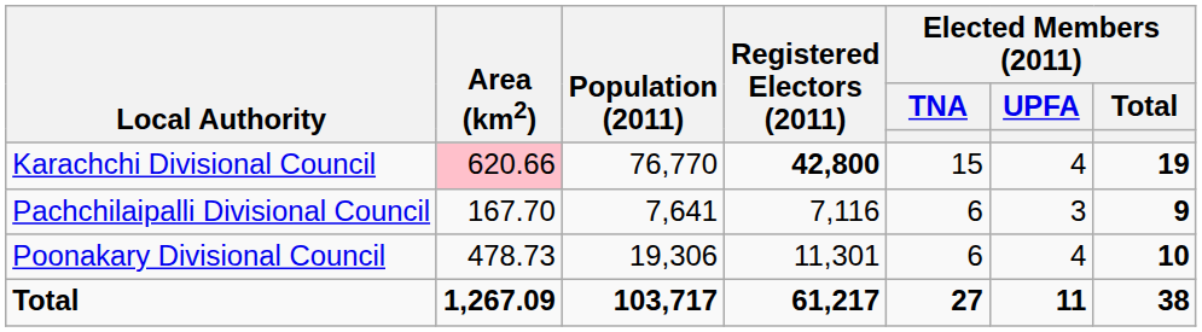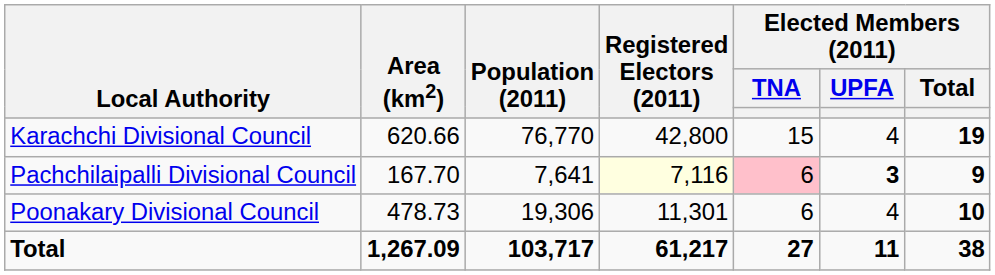 <table class="wikitable" border="1" style="text-align:right;">
 <tr>
 <th style="vertical-align:bottom;" rowspan=3>Local Authority</th>
 <th style="vertical-align:bottom;" rowspan=3>Area<br>(km<sup>2</sup>)<br></th>
 <th style="vertical-align:bottom;" rowspan=3>Population<br>(2011)<br></th>
 <th style="vertical-align:bottom;" rowspan=3>Registered<br>Electors<br>(2011)</th>
 <th colspan=3>Elected Members<br>(2011)</th>
 </tr>
 <tr>
 <th style="width:50px;"><a href='#'>TNA</a></th>
 <th style="width:50px;"><a href='#'>UPFA</a></th>
 <th style="width:50px;">Total</th>
 </tr>
 <tr>
 <th style="background:"></th>
 <th style="background:"></th>
 <th></th>
 </tr>
 <tr>
 <td align=left><a href='#'>Karachchi Divisional Council</a></td>
-<td style="background: pink;">620.66</td>
+<td>620.66</td>
 <td>76,770</td>
-<td><strong>42,800</strong></td>
+<td>42,800</td>
 <td>15</td>
 <td>4</td>
 <td><strong>19</strong></td>
 </tr>
 <tr>
 <td align=left><a href='#'>Pachchilaipalli Divisional Council</a></td>
 <td>167.70</td>
 <td>7,641</td>
-<td>7,116</td>
-<td>6</td>
-<td>3</td>
+<td style="background: lightyellow;">7,116</td>
+<td style="background: pink;">6</td>
+<td><strong>3</strong></td>
 <td><strong>9</strong></td>
 </tr>
 <tr>
 <td align=left><a href='#'>Poonakary Divisional Council</a></td>
 <td>478.73</td>
 <td>19,306</td>
 <td>11,301</td>
 <td>6</td>
 <td>4</td>
 <td><strong>10</strong></td>
 </tr>
 <tr style="font-weight:bold">
 <td align=left>Total</td>
 <td>1,267.09</td>
 <td>103,717</td>
 <td>61,217</td>
 <td>27</td>
 <td>11</td>
 <td>38</td>
 </tr>
 </table>
